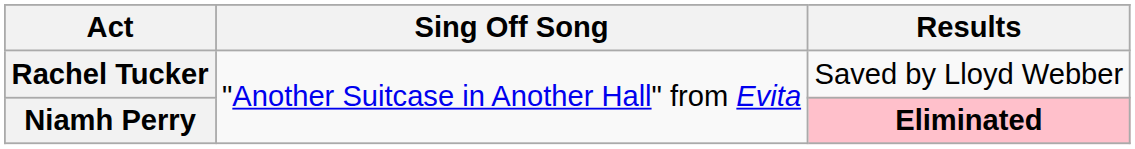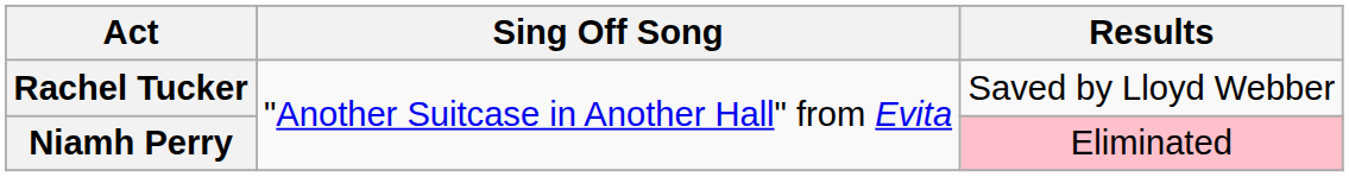 <table class="wikitable plainrowheaders" style="text-align:center;">
 <tr>
 <th scope="col">Act</th>
 <th scope="col">Sing Off Song</th>
 <th scope="col">Results</th>
 </tr>
 <tr>
 <th scope="row">Rachel Tucker</th>
 <td rowspan="2">"<a href='#'>Another Suitcase in Another Hall</a>" from <em><a href='#'>Evita</a></em></td>
 <td>Saved by Lloyd Webber</td>
 </tr>
 <tr>
 <th scope="row">Niamh Perry</th>
-<td style="background:pink;"><strong>Eliminated</strong></td>
+<td style="background:pink;">Eliminated</td>
 </tr>
 </table>
